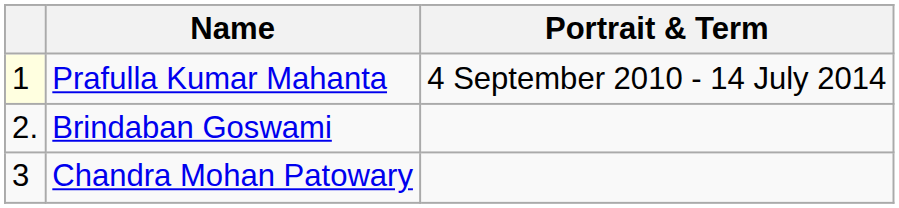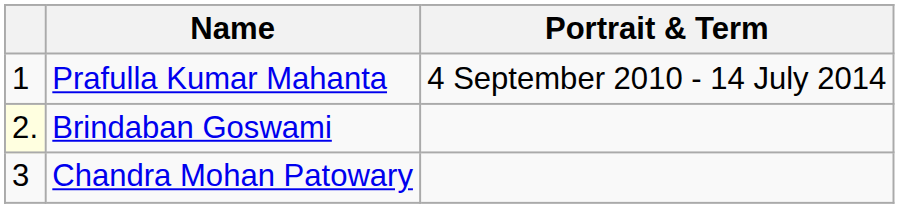 <table class="wikitable sortable">
 <tr>
 <th rowspan="2"></th>
 <th rowspan="2">Name</th>
 <th rowspan="2">Portrait & Term</th>
 </tr>
 <tr>
 </tr>
 <tr>
-<td style="background: lightyellow;">1</td>
+<td>1</td>
 <td><a href='#'>Prafulla Kumar Mahanta</a></td>
 <td>4 September 2010 - 14 July 2014</td>
 </tr>
 <tr>
-<td>2.</td>
+<td style="background: lightyellow;">2.</td>
 <td><a href='#'>Brindaban Goswami</a></td>
 <td></td>
 </tr>
 <tr>
 <td>3</td>
 <td><a href='#'>Chandra Mohan Patowary</a></td>
 <td></td>
 </tr>
 </table>
